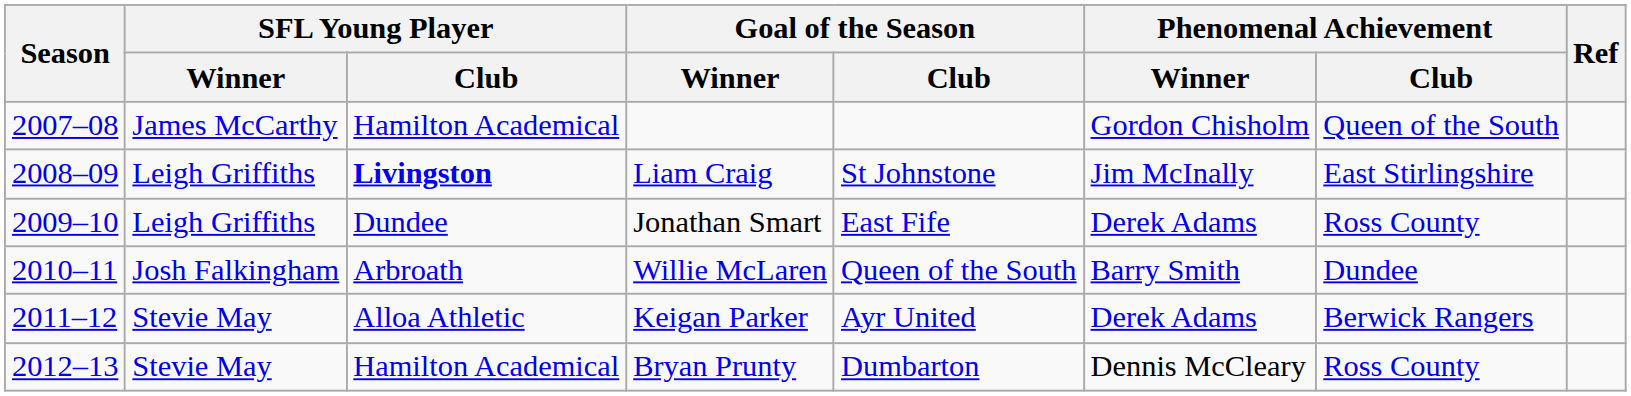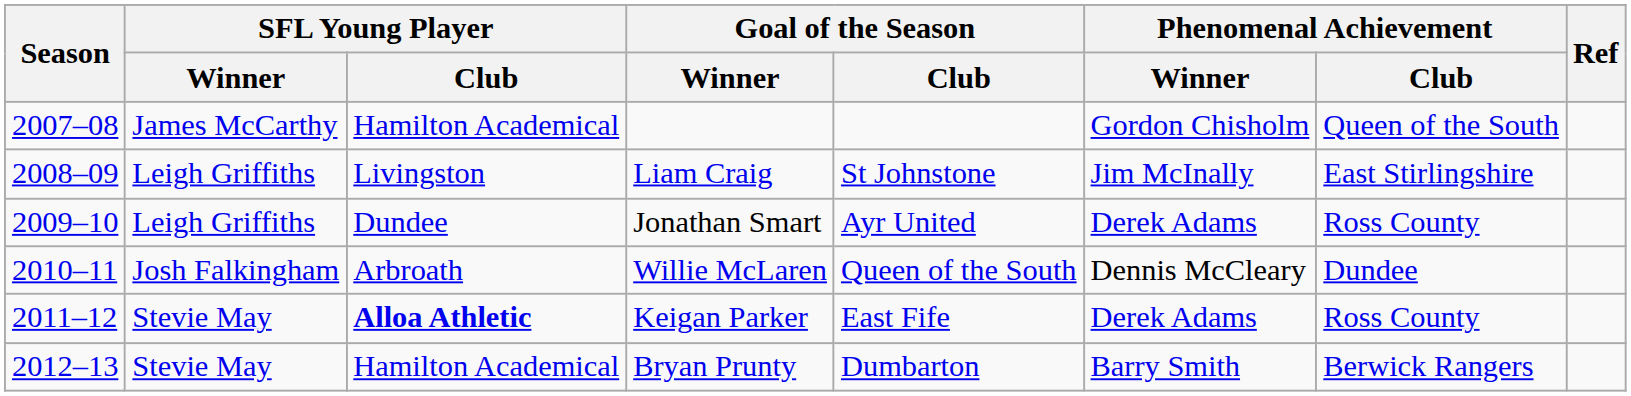 <table class="wikitable">
 <tr>
 <th rowspan="2">Season</th>
 <th colspan="2">SFL Young Player</th>
 <th colspan="2">Goal of the Season</th>
 <th colspan="2">Phenomenal Achievement</th>
 <th rowspan="2">Ref</th>
 </tr>
 <tr>
 <th>Winner</th>
 <th>Club</th>
 <th>Winner</th>
 <th>Club</th>
 <th>Winner</th>
 <th>Club</th>
 </tr>
 <tr>
 <td><a href='#'>2007–08</a></td>
 <td> <a href='#'>James McCarthy</a></td>
 <td><a href='#'>Hamilton Academical</a></td>
 <td></td>
 <td></td>
 <td> <a href='#'>Gordon Chisholm</a></td>
 <td><a href='#'>Queen of the South</a></td>
 <td></td>
 </tr>
 <tr>
 <td><a href='#'>2008–09</a></td>
 <td> <a href='#'>Leigh Griffiths</a></td>
-<td><strong><a href='#'>Livingston</a></strong></td>
+<td><a href='#'>Livingston</a></td>
 <td> <a href='#'>Liam Craig</a></td>
 <td><a href='#'>St Johnstone</a></td>
 <td> <a href='#'>Jim McInally</a></td>
 <td><a href='#'>East Stirlingshire</a></td>
 <td></td>
 </tr>
 <tr>
 <td><a href='#'>2009–10</a></td>
 <td> <a href='#'>Leigh Griffiths</a></td>
 <td><a href='#'>Dundee</a></td>
 <td> Jonathan Smart</td>
-<td><a href='#'>East Fife</a></td>
+<td><a href='#'>Ayr United</a></td>
 <td> <a href='#'>Derek Adams</a></td>
 <td><a href='#'>Ross County</a></td>
 <td></td>
 </tr>
 <tr>
 <td><a href='#'>2010–11</a></td>
 <td> <a href='#'>Josh Falkingham</a></td>
 <td><a href='#'>Arbroath</a></td>
 <td> <a href='#'>Willie McLaren</a></td>
 <td><a href='#'>Queen of the South</a></td>
-<td> <a href='#'>Barry Smith</a></td>
+<td> Dennis McCleary</td>
 <td><a href='#'>Dundee</a></td>
 <td></td>
 </tr>
 <tr>
 <td><a href='#'>2011–12</a></td>
 <td> <a href='#'>Stevie May</a></td>
-<td><a href='#'>Alloa Athletic</a></td>
+<td><strong><a href='#'>Alloa Athletic</a></strong></td>
 <td> <a href='#'>Keigan Parker</a></td>
-<td><a href='#'>Ayr United</a></td>
+<td><a href='#'>East Fife</a></td>
 <td> <a href='#'>Derek Adams</a></td>
-<td><a href='#'>Berwick Rangers</a></td>
+<td><a href='#'>Ross County</a></td>
 <td></td>
 </tr>
 <tr>
 <td><a href='#'>2012–13</a></td>
 <td> <a href='#'>Stevie May</a></td>
 <td><a href='#'>Hamilton Academical</a></td>
 <td> <a href='#'>Bryan Prunty</a></td>
 <td><a href='#'>Dumbarton</a></td>
-<td> Dennis McCleary</td>
-<td><a href='#'>Ross County</a></td>
+<td> <a href='#'>Barry Smith</a></td>
+<td><a href='#'>Berwick Rangers</a></td>
 <td></td>
 </tr>
 </table>
